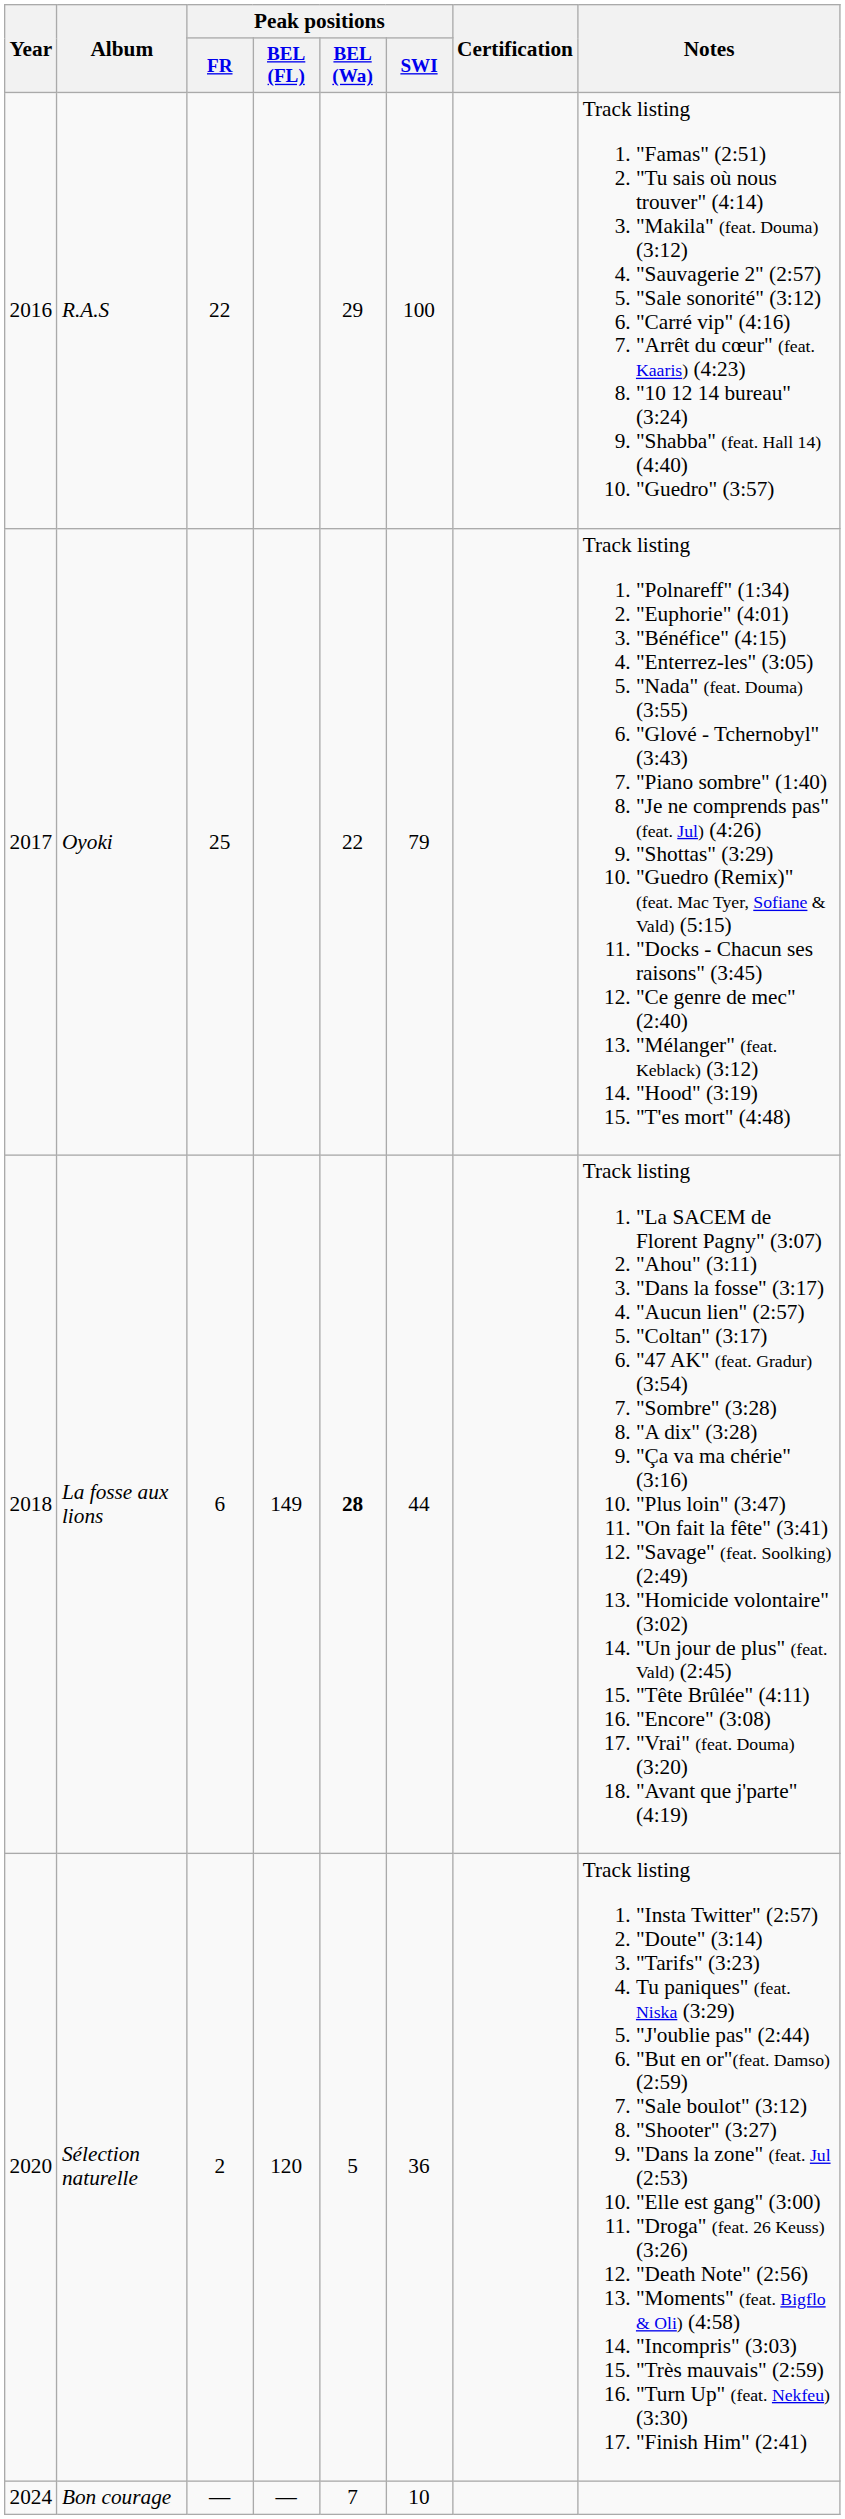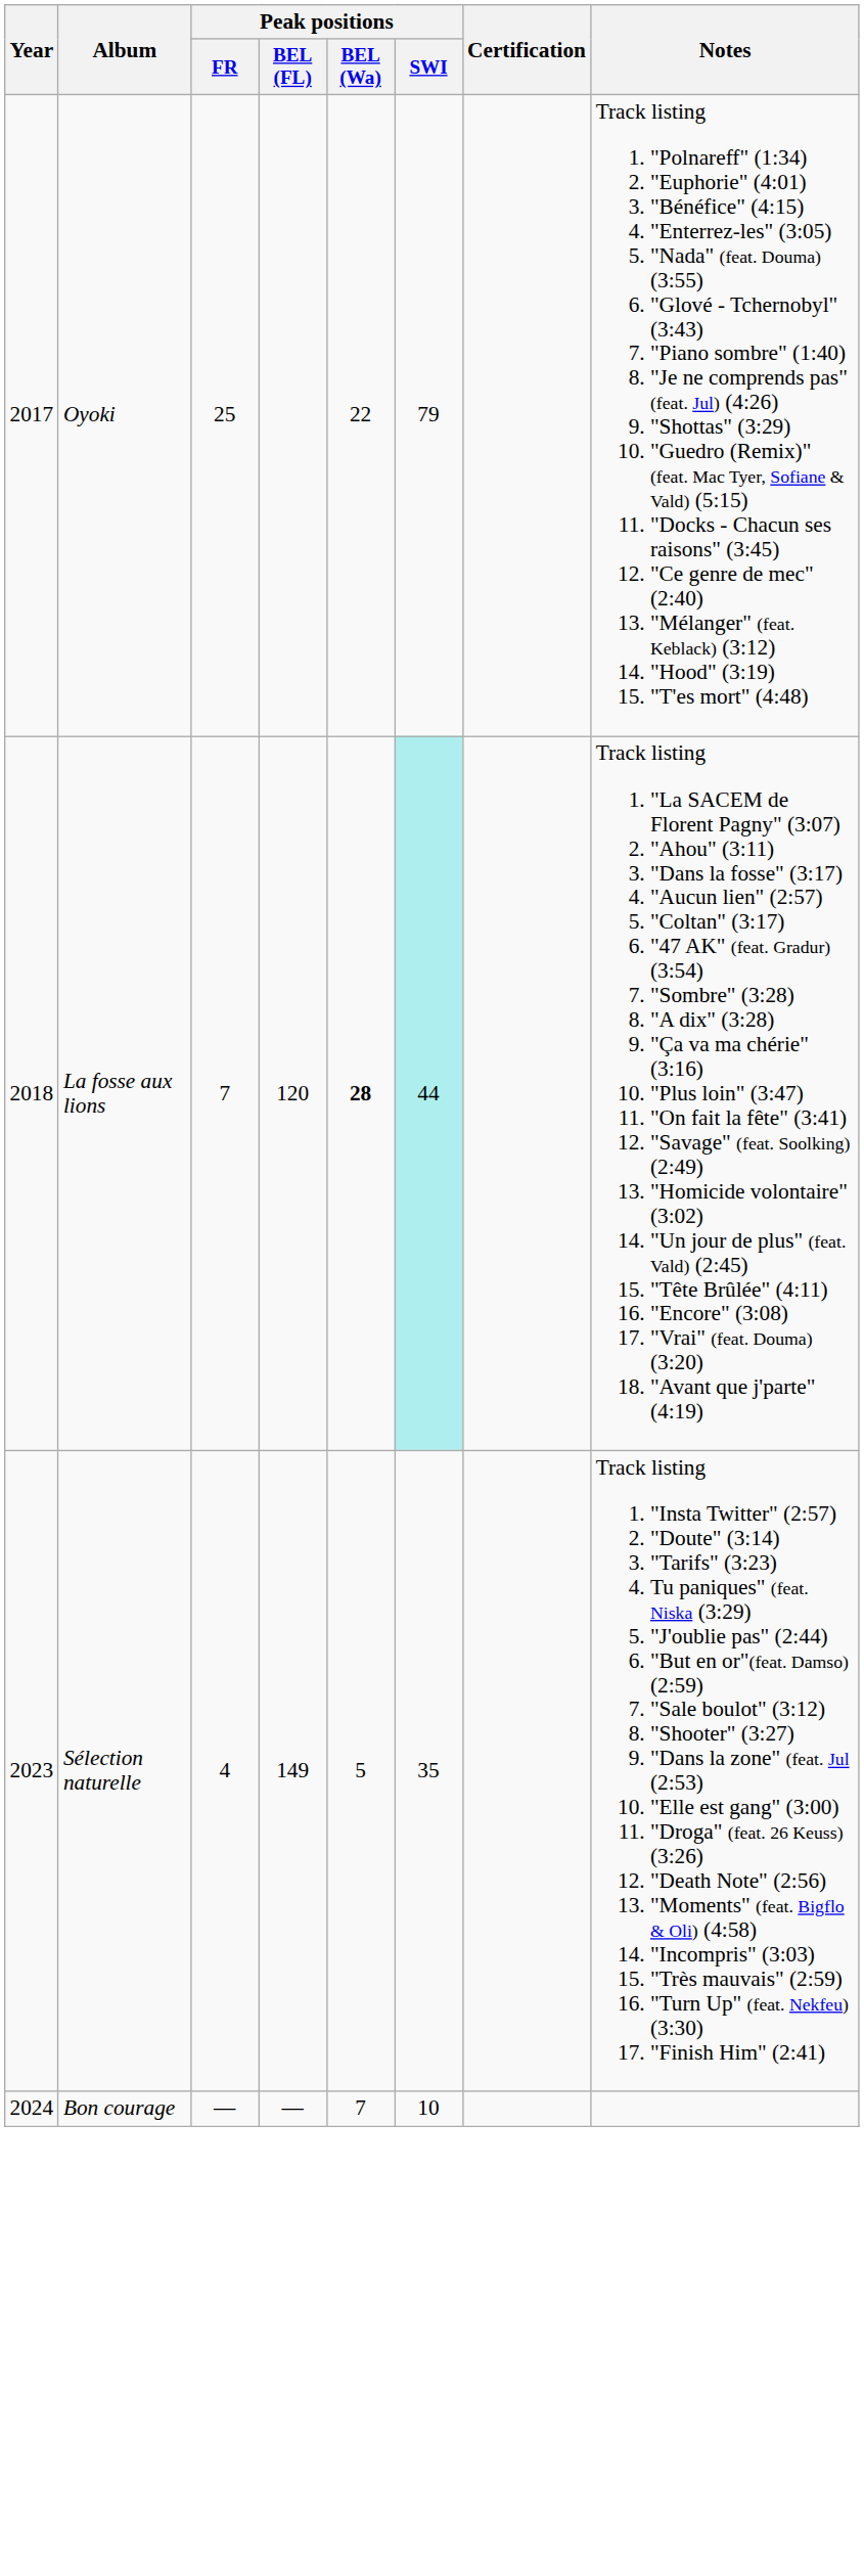 <table class="wikitable">
 <tr>
 <th align="center" rowspan="2" width="10">Year</th>
 <th align="center" rowspan="2" width="90">Album</th>
 <th align="center" colspan="4" width="20">Peak positions</th>
 <th align="center" rowspan="2" width="70">Certification</th>
 <th align="center" rowspan="2" width="190">Notes</th>
 </tr>
 <tr>
 <th scope="col" style="width:3em;font-size:90%;"><a href='#'>FR</a><br></th>
 <th scope="col" style="width:3em;font-size:90%;"><a href='#'>BEL<br>(FL)</a><br></th>
 <th scope="col" style="width:3em;font-size:90%;"><a href='#'>BEL<br>(Wa)</a><br></th>
 <th scope="col" style="width:3em;font-size:90%;"><a href='#'>SWI</a><br></th>
 </tr>
 <tr>
-<td style="text-align:center;">2016</td>
-<td><em>R.A.S</em></td>
-<td style="text-align:center;">22</td>
-<td style="text-align:center;"></td>
-<td style="text-align:center;">29</td>
-<td style="text-align:center;">100</td>
-<td></td>
-<td>Track listing<br><ol><li>"Famas" (2:51)</li><li>"Tu sais où nous trouver" (4:14)</li><li>"Makila" <small>(feat. Douma)</small> (3:12)</li><li>"Sauvagerie 2" (2:57)</li><li>"Sale sonorité" (3:12)</li><li>"Carré vip" (4:16)</li><li>"Arrêt du cœur" <small>(feat. <a href='#'>Kaaris</a>)</small> (4:23)</li><li>"10 12 14 bureau" (3:24)</li><li>"Shabba" <small>(feat. Hall 14)</small> (4:40)</li><li>"Guedro" (3:57)</li></ol></td>
-</tr>
-<tr>
 <td style="text-align:center;">2017</td>
 <td><em>Oyoki</em></td>
 <td style="text-align:center;">25</td>
 <td style="text-align:center;"></td>
 <td style="text-align:center;">22</td>
 <td style="text-align:center;">79</td>
 <td></td>
 <td>Track listing<br><ol><li>"Polnareff" (1:34)</li><li>"Euphorie" (4:01)</li><li>"Bénéfice" (4:15)</li><li>"Enterrez-les" (3:05)</li><li>"Nada" <small>(feat. Douma)</small> (3:55)</li><li>"Glové - Tchernobyl" (3:43)</li><li>"Piano sombre" (1:40)</li><li>"Je ne comprends pas" <small>(feat. <a href='#'>Jul</a>)</small> (4:26)</li><li>"Shottas" (3:29)</li><li>"Guedro (Remix)" <small>(feat. Mac Tyer, <a href='#'>Sofiane</a> & Vald)</small> (5:15)</li><li>"Docks - Chacun ses raisons" (3:45)</li><li>"Ce genre de mec" (2:40)</li><li>"Mélanger" <small>(feat. Keblack)</small> (3:12)</li><li>"Hood" (3:19)</li><li>"T'es mort" (4:48)</li></ol></td>
 </tr>
 <tr>
 <td>2018</td>
 <td><em>La fosse aux lions</em></td>
-<td style="text-align:center;">6</td>
-<td style="text-align:center;">149</td>
+<td style="text-align:center;">7</td>
+<td style="text-align:center;">120</td>
 <td style="text-align:center;"><strong>28</strong></td>
-<td style="text-align:center;">44</td>
+<td style="background: paleturquoise; text-align:center;">44</td>
 <td></td>
 <td>Track listing<br><ol><li>"La SACEM de Florent Pagny" (3:07)</li><li>"Ahou" (3:11)</li><li>"Dans la fosse" (3:17)</li><li>"Aucun lien" (2:57)</li><li>"Coltan" (3:17)</li><li>"47 AK" <small>(feat. Gradur)</small>  (3:54)</li><li>"Sombre" (3:28)</li><li>"A dix" (3:28)</li><li>"Ça va ma chérie" (3:16)</li><li>"Plus loin" (3:47)</li><li>"On fait la fête" (3:41)</li><li>"Savage" <small>(feat. Soolking)</small> (2:49)</li><li>"Homicide volontaire" (3:02)</li><li>"Un jour de plus" <small>(feat. Vald)</small> (2:45)</li><li>"Tête Brûlée" (4:11)</li><li>"Encore" (3:08)</li><li>"Vrai" <small>(feat. Douma)</small> (3:20)</li><li>"Avant que j'parte" (4:19)</li></ol></td>
 </tr>
 <tr>
-<td>2020</td>
+<td>2023</td>
 <td><em>Sélection naturelle</em></td>
-<td style="text-align:center;">2</td>
-<td style="text-align:center;">120</td>
+<td style="text-align:center;">4</td>
+<td style="text-align:center;">149</td>
 <td style="text-align:center;">5</td>
-<td style="text-align:center;">36</td>
+<td style="text-align:center;">35</td>
 <td></td>
 <td>Track listing<br><ol><li>"Insta Twitter" (2:57)</li><li>"Doute" (3:14)</li><li>"Tarifs" (3:23)</li><li>Tu paniques" <small>(feat. <a href='#'>Niska</a></small> (3:29)</li><li>"J'oublie pas" (2:44)</li><li>"But en or"<small>(feat. Damso)</small> (2:59)</li><li>"Sale boulot" (3:12)</li><li>"Shooter" (3:27)</li><li>"Dans la zone" <small>(feat. <a href='#'>Jul</a></small> (2:53)</li><li>"Elle est gang" (3:00)</li><li>"Droga" <small>(feat. 26 Keuss)</small> (3:26)</li><li>"Death Note" (2:56)</li><li>"Moments" <small>(feat. <a href='#'>Bigflo & Oli</a>)</small> (4:58)</li><li>"Incompris" (3:03)</li><li>"Très mauvais" (2:59)</li><li>"Turn Up" <small>(feat. <a href='#'>Nekfeu</a>)</small> (3:30)</li><li>"Finish Him" (2:41)</li></ol></td>
 </tr>
 <tr>
 <td>2024</td>
 <td><em>Bon courage</em></td>
 <td style="text-align:center;">—</td>
 <td style="text-align:center;">—</td>
 <td style="text-align:center;">7</td>
 <td style="text-align:center;">10</td>
 <td></td>
 </tr>
 </table>
